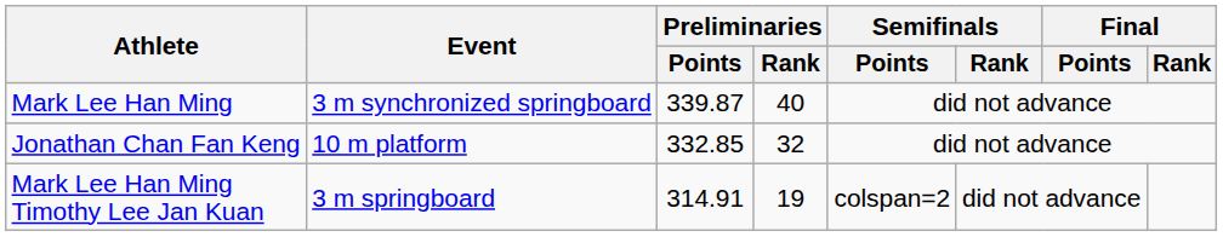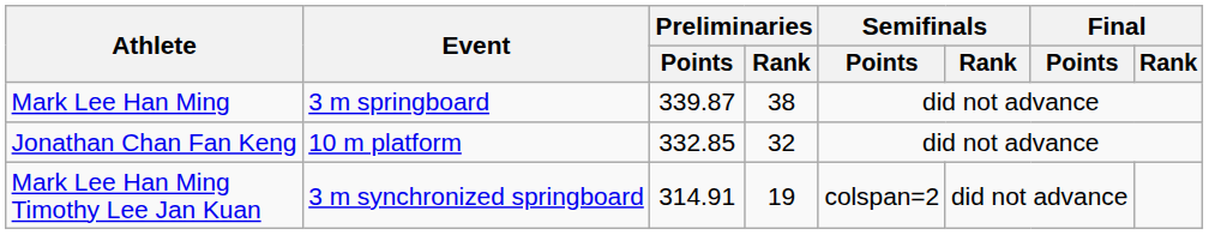 <table class=wikitable style="font-size:90%;">
 <tr>
 <th rowspan="2">Athlete</th>
 <th rowspan="2">Event</th>
 <th colspan="2">Preliminaries</th>
 <th colspan="2">Semifinals</th>
 <th colspan="2">Final</th>
 </tr>
 <tr style="font-size:95%">
 <th>Points</th>
 <th>Rank</th>
 <th>Points</th>
 <th>Rank</th>
 <th>Points</th>
 <th>Rank</th>
 </tr>
 <tr align=center>
 <td align=left><a href='#'>Mark Lee Han Ming</a></td>
-<td align=left><a href='#'>3 m synchronized springboard</a></td>
+<td align=left><a href='#'>3 m springboard</a></td>
 <td>339.87</td>
-<td>40</td>
+<td>38</td>
 <td colspan=4>did not advance</td>
 </tr>
 <tr align=center>
 <td align=left><a href='#'>Jonathan Chan Fan Keng</a></td>
 <td align=left><a href='#'>10 m platform</a></td>
 <td>332.85</td>
 <td>32</td>
 <td colspan=4>did not advance</td>
 </tr>
 <tr align=center>
 <td align=left><a href='#'>Mark Lee Han Ming</a><br><a href='#'>Timothy Lee Jan Kuan</a></td>
-<td align=left><a href='#'>3 m springboard</a></td>
+<td align=left><a href='#'>3 m synchronized springboard</a></td>
 <td>314.91</td>
 <td>19</td>
 <td>colspan=2 </td>
 <td colspan=2>did not advance</td>
 </tr>
 </table>
